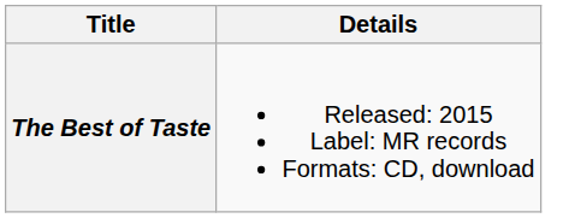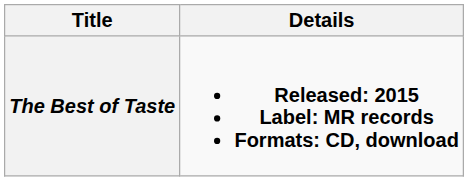 <table class="wikitable plainrowheaders" style="text-align:center;" border="1">
 <tr>
 <th>Title</th>
 <th>Details</th>
 </tr>
 <tr>
 <th scope="row"><em>The Best of Taste</em></th>
-<td><br><ul><li>Released: 2015</li><li>Label: MR records</li><li>Formats: CD, download</li></ul></td>
+<td><strong><br><ul><li>Released: 2015</li><li>Label: MR records</li><li>Formats: CD, download</li></ul></strong></td>
 </tr>
 </table>
